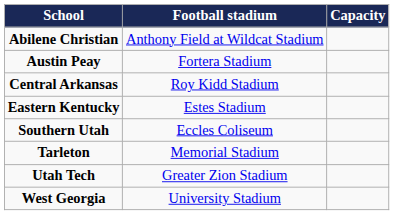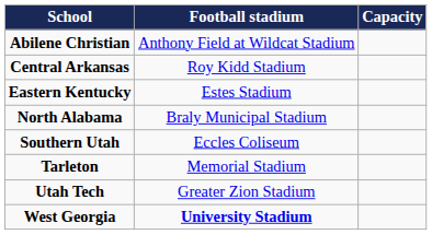 <table class="wikitable sortable" style="text-align: center">
 <tr style="text-align:center; background:#1A2857; color: white">
 <td><strong>School</strong></td>
 <td><strong>Football stadium</strong></td>
 <td><strong>Capacity</strong></td>
 </tr>
 <tr>
 <td style="text-align:center; "><strong>Abilene Christian</strong></td>
 <td><a href='#'>Anthony Field at Wildcat Stadium</a></td>
 <td></td>
 </tr>
 <tr>
-<td style="text-align:center; "><strong>Austin Peay</strong></td>
-<td><a href='#'>Fortera Stadium</a></td>
-<td></td>
-</tr>
-<tr>
 <td style="text-align:center; "><strong>Central Arkansas</strong></td>
 <td><a href='#'>Roy Kidd Stadium</a></td>
 <td></td>
 </tr>
 <tr>
 <td style="text-align:center; "><strong>Eastern Kentucky</strong></td>
 <td><a href='#'>Estes Stadium</a></td>
+<td></td>
+</tr>
+<tr>
+<td style="text-align:center; "><strong>North Alabama</strong></td>
+<td><a href='#'>Braly Municipal Stadium</a></td>
 <td></td>
 </tr>
 <tr>
 <td style="text-align:center; "><strong>Southern Utah</strong></td>
 <td><a href='#'>Eccles Coliseum</a></td>
 <td></td>
 </tr>
 <tr>
 <td style="text-align:center; "><strong>Tarleton</strong></td>
 <td><a href='#'>Memorial Stadium</a></td>
 <td></td>
 </tr>
 <tr>
 <td style="text-align:center; "><strong>Utah Tech</strong></td>
 <td><a href='#'>Greater Zion Stadium</a></td>
 <td></td>
 </tr>
 <tr>
 <td style="text-align:center; "><strong>West Georgia</strong></td>
-<td><a href='#'>University Stadium</a></td>
+<td><strong><a href='#'>University Stadium</a></strong></td>
 <td></td>
 </tr>
 </table>
